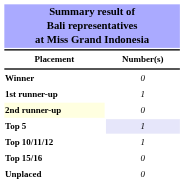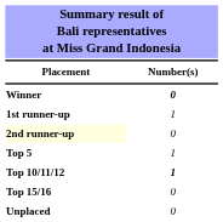 <table style="width: 270px; font-size:85%; line-height:1.5em;">
 <tr>
 <th colspan="2" align="center" style="background:#AAF;"><big>Summary result of<br>Bali representatives<br>at Miss Grand Indonesia</big></th>
 </tr>
 <tr>
 <td colspan="2" style="background:black"></td>
 </tr>
 <tr>
 <th scope="col">Placement</th>
 <th scope="col">Number(s)</th>
 </tr>
 <tr>
 <td colspan="2" style="background:black"></td>
 </tr>
 <tr>
 <td align="left"><strong>Winner</strong></td>
-<td align="center"><em>0</em></td>
+<td align="center"><strong><em>0</em></strong></td>
 </tr>
 <tr>
 <td align="left"><strong>1st runner-up</strong></td>
 <td align="center"><em>1</em></td>
 </tr>
 <tr>
 <td align="left" style="background: lightyellow;"><strong>2nd runner-up</strong></td>
 <td align="center"><em>0</em></td>
 </tr>
 <tr>
 <td align="left"><strong>Top 5</strong></td>
-<td align="center" style="background: lavender;"><em>1</em></td>
+<td align="center"><em>1</em></td>
 </tr>
 <tr>
 <td align="left"><strong>Top 10/11/12</strong></td>
-<td align="center"><em>1</em></td>
+<td align="center"><strong><em>1</em></strong></td>
 </tr>
 <tr>
 <td align="left"><strong>Top 15/16</strong></td>
 <td align="center"><em>0</em></td>
 </tr>
 <tr>
 <td align="left"><strong>Unplaced</strong></td>
 <td align="center"><em>0</em></td>
 </tr>
 </table>
